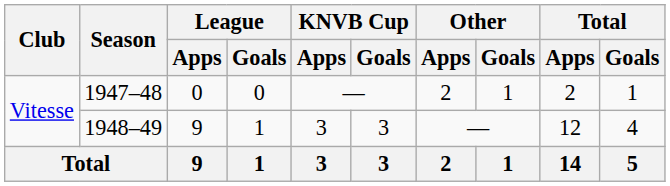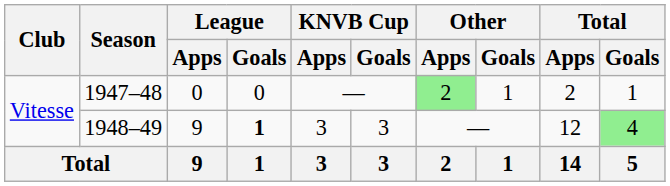 <table class="wikitable" style="text-align:center">
 <tr>
 <th rowspan="2">Club</th>
 <th rowspan="2">Season</th>
 <th colspan="2">League</th>
 <th colspan="2">KNVB Cup</th>
 <th colspan="2">Other</th>
 <th colspan="2">Total</th>
 </tr>
 <tr>
 <th>Apps</th>
 <th>Goals</th>
 <th>Apps</th>
 <th>Goals</th>
 <th>Apps</th>
 <th>Goals</th>
 <th>Apps</th>
 <th>Goals</th>
 </tr>
 <tr>
 <td rowspan="2"><a href='#'>Vitesse</a></td>
 <td>1947–48</td>
 <td>0</td>
 <td>0</td>
 <td colspan="2">—</td>
-<td>2</td>
+<td style="background: lightgreen;">2</td>
 <td>1</td>
 <td>2</td>
 <td>1</td>
 </tr>
 <tr>
 <td>1948–49</td>
 <td>9</td>
-<td>1</td>
+<td><strong>1</strong></td>
 <td>3</td>
 <td>3</td>
 <td colspan="2">—</td>
 <td>12</td>
-<td>4</td>
+<td style="background: lightgreen;">4</td>
 </tr>
 <tr>
 <th colspan="2">Total</th>
 <th>9</th>
 <th>1</th>
 <th>3</th>
 <th>3</th>
 <th>2</th>
 <th>1</th>
 <th>14</th>
 <th>5</th>
 </tr>
 </table>
